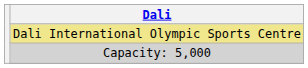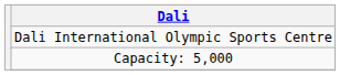 <table class="wikitable" style="text-align:center">
 <tr>
 <th rowspan="4" colspan="2"></th>
 <th><a href='#'>Dali</a></th>
 </tr>
 <tr>
-<td style="background: khaki;">Dali International Olympic Sports Centre</td>
+<td>Dali International Olympic Sports Centre</td>
 </tr>
 <tr>
-<td style="background: lightgrey;">Capacity: 5,000</td>
+<td>Capacity: 5,000</td>
 </tr>
 <tr>
 </tr>
 </table>
